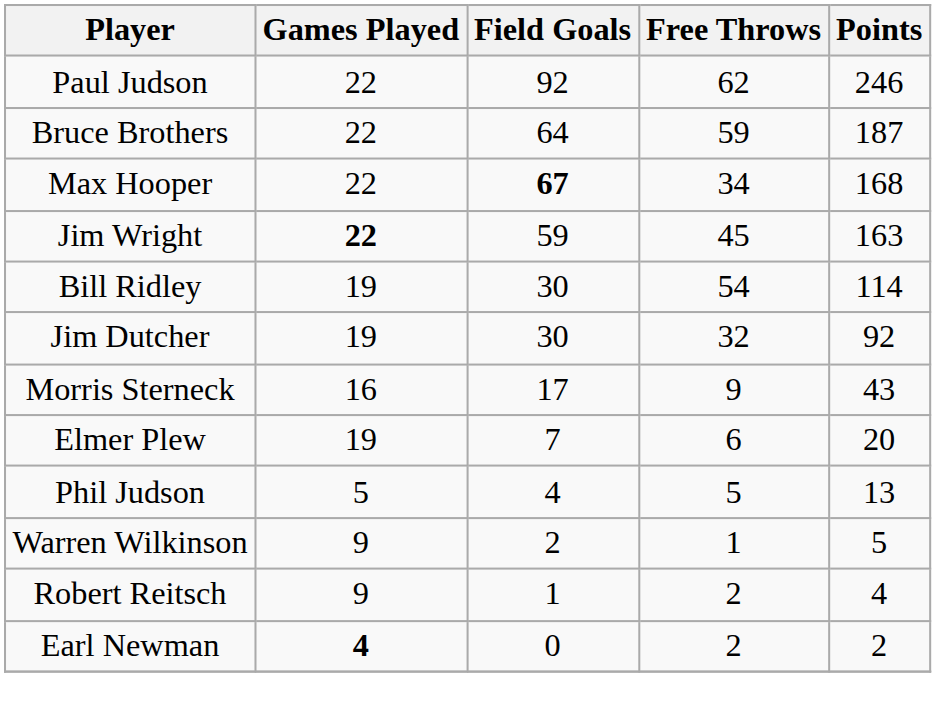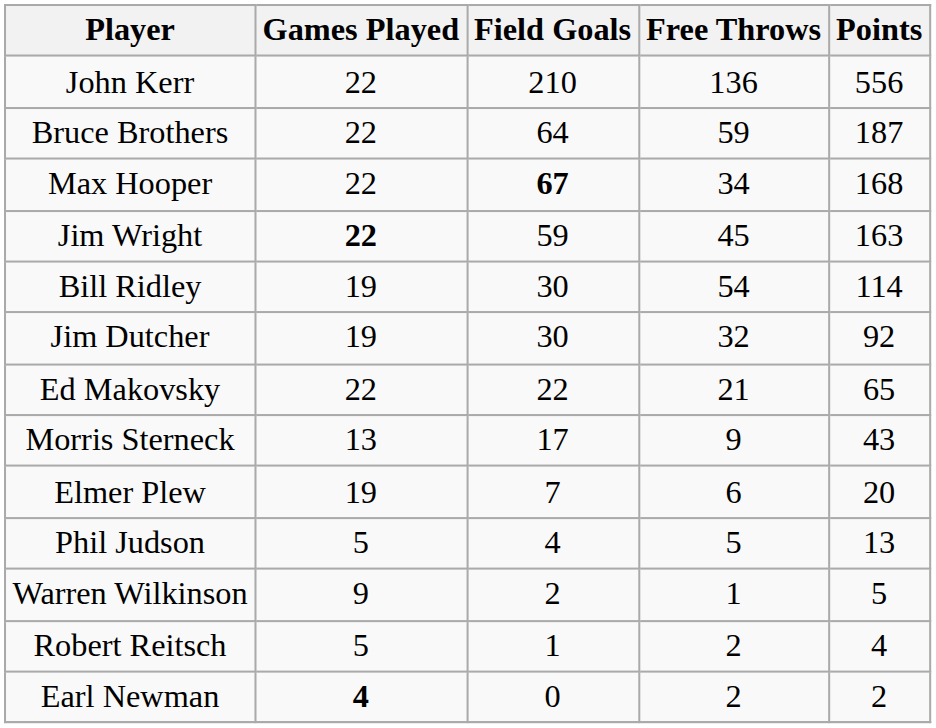 <table class="wikitable sortable">
 <tr>
 <th>Player</th>
 <th>Games Played</th>
 <th>Field Goals</th>
 <th>Free Throws</th>
 <th>Points</th>
 </tr>
 <tr align="center" bgcolor="">
-<td>Paul Judson</td>
+<td>John Kerr</td>
 <td>22</td>
-<td>92</td>
-<td>62</td>
-<td>246</td>
+<td>210</td>
+<td>136</td>
+<td>556</td>
 </tr>
 <tr align="center" bgcolor="">
 <td>Bruce Brothers</td>
 <td>22</td>
 <td>64</td>
 <td>59</td>
 <td>187</td>
 </tr>
 <tr align="center" bgcolor="">
 <td>Max Hooper</td>
 <td>22</td>
 <td><strong>67</strong></td>
 <td>34</td>
 <td>168</td>
 </tr>
 <tr align="center" bgcolor="">
 <td>Jim Wright</td>
 <td><strong>22</strong></td>
 <td>59</td>
 <td>45</td>
 <td>163</td>
 </tr>
 <tr align="center" bgcolor="">
 <td>Bill Ridley</td>
 <td>19</td>
 <td>30</td>
 <td>54</td>
 <td>114</td>
 </tr>
 <tr align="center" bgcolor="">
 <td>Jim Dutcher</td>
 <td>19</td>
 <td>30</td>
 <td>32</td>
 <td>92</td>
 </tr>
 <tr align="center" bgcolor="">
+<td>Ed Makovsky</td>
+<td>22</td>
+<td>22</td>
+<td>21</td>
+<td>65</td>
+</tr>
+<tr align="center" bgcolor="">
 <td>Morris Sterneck</td>
-<td>16</td>
+<td>13</td>
 <td>17</td>
 <td>9</td>
 <td>43</td>
 </tr>
 <tr align="center" bgcolor="">
 <td>Elmer Plew</td>
 <td>19</td>
 <td>7</td>
 <td>6</td>
 <td>20</td>
 </tr>
 <tr align="center" bgcolor="">
 <td>Phil Judson</td>
 <td>5</td>
 <td>4</td>
 <td>5</td>
 <td>13</td>
 </tr>
 <tr align="center" bgcolor="">
 <td>Warren Wilkinson</td>
 <td>9</td>
 <td>2</td>
 <td>1</td>
 <td>5</td>
 </tr>
 <tr align="center" bgcolor="">
 <td>Robert Reitsch</td>
-<td>9</td>
+<td>5</td>
 <td>1</td>
 <td>2</td>
 <td>4</td>
 </tr>
 <tr align="center" bgcolor="">
 <td>Earl Newman</td>
 <td><strong>4</strong></td>
 <td>0</td>
 <td>2</td>
 <td>2</td>
 </tr>
 <tr align="center" bgcolor="">
 </tr>
 </table>
